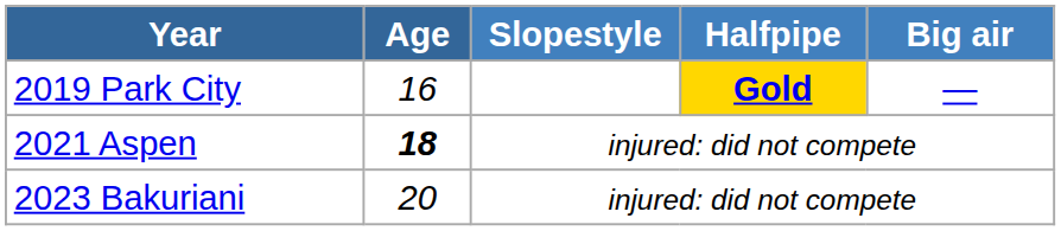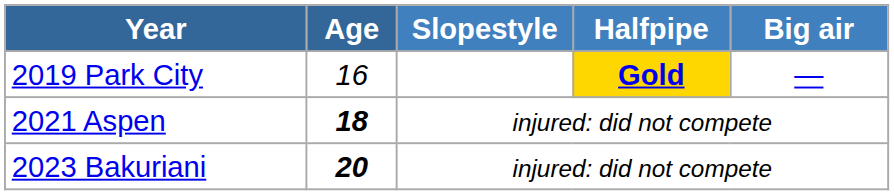 <table class="wikitable" style="font-size:95%; text-align:center; border:grey solid 1px; border-collapse:collapse; background:#ffffff;">
 <tr>
 <th style="background-color:#369; color:white; width:150px;"> Year </th>
 <th style="background-color:#369; color:white; width:40px;"> Age </th>
 <th style="background-color:#4180be; color:white; width:75px;"> Slopestyle </th>
 <th style="background-color:#4180be; color:white; width:75px;"> Halfpipe </th>
 <th style="background-color:#4180be; color:white; width:75px;"> Big air </th>
 </tr>
 <tr>
 <td align=left> <a href='#'>2019 Park City</a></td>
 <td><em>16</em></td>
 <td><small><a href='#'></a></small></td>
 <td bgcolor="gold"><strong><a href='#'>Gold</a></strong></td>
 <td><a href='#'>—</a></td>
 </tr>
 <tr>
 <td align=left> <a href='#'>2021 Aspen</a></td>
 <td><strong><em>18</em></strong></td>
 <td colspan=3><em><small>injured: did not compete</small></em></td>
 </tr>
 <tr>
 <td align=left> <a href='#'>2023 Bakuriani</a></td>
-<td><em>20</em></td>
+<td><strong><em>20</em></strong></td>
 <td colspan=3><em><small>injured: did not compete</small></em></td>
 </tr>
 </table>
